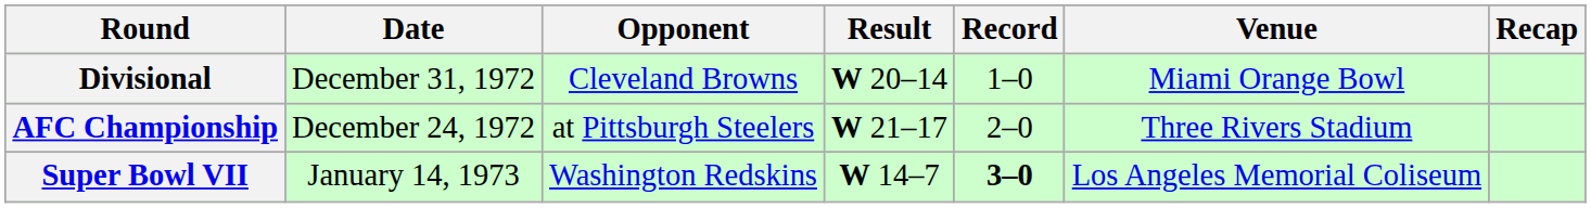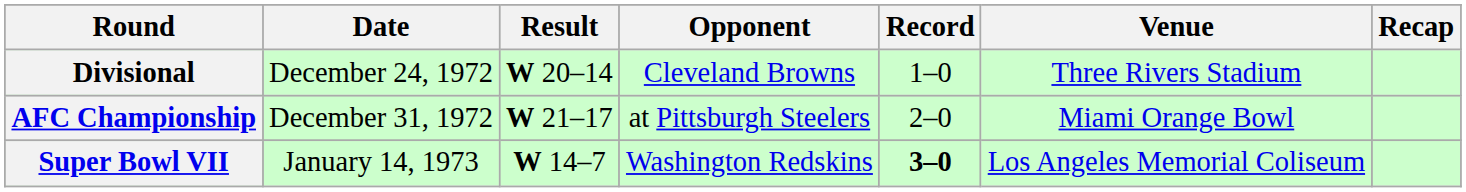 <table class="wikitable" style="text-align:center">
 <tr>
 <th>Round</th>
 <th>Date</th>
+<th>Result</th>
 <th>Opponent</th>
-<th>Result</th>
 <th>Record</th>
 <th>Venue</th>
 <th>Recap</th>
 </tr>
 <tr style="background:#cfc;">
 <th>Divisional</th>
-<td>December 31, 1972</td>
+<td>December 24, 1972</td>
+<td><strong>W</strong> 20–14</td>
 <td><a href='#'>Cleveland Browns</a></td>
-<td><strong>W</strong> 20–14</td>
 <td>1–0</td>
-<td><a href='#'>Miami Orange Bowl</a></td>
+<td><a href='#'>Three Rivers Stadium</a></td>
 <td></td>
 </tr>
 <tr style="background:#cfc;">
 <th><a href='#'>AFC Championship</a></th>
-<td>December 24, 1972</td>
+<td>December 31, 1972</td>
+<td><strong>W</strong> 21–17</td>
 <td>at <a href='#'>Pittsburgh Steelers</a></td>
-<td><strong>W</strong> 21–17</td>
 <td>2–0</td>
-<td><a href='#'>Three Rivers Stadium</a></td>
+<td><a href='#'>Miami Orange Bowl</a></td>
 <td></td>
 </tr>
 <tr style="background:#cfc;">
 <th><a href='#'>Super Bowl VII</a></th>
 <td>January 14, 1973</td>
+<td><strong>W</strong> 14–7</td>
 <td><a href='#'>Washington Redskins</a></td>
-<td><strong>W</strong> 14–7</td>
 <td><strong>3–0</strong></td>
 <td><a href='#'>Los Angeles Memorial Coliseum</a></td>
 <td></td>
 </tr>
 </table>
